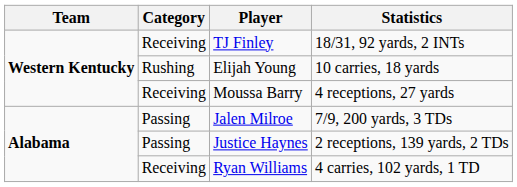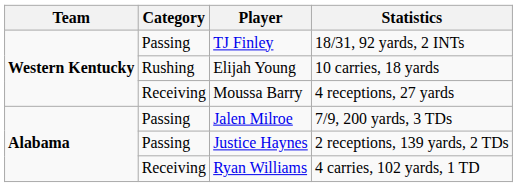 <table class="wikitable" style="float: right;">
 <tr>
 <th>Team</th>
 <th>Category</th>
 <th>Player</th>
 <th>Statistics</th>
 </tr>
 <tr>
 <td rowspan=3><strong>Western Kentucky</strong></td>
-<td>Receiving</td>
+<td>Passing</td>
 <td><a href='#'>TJ Finley</a></td>
 <td>18/31, 92 yards, 2 INTs</td>
 </tr>
 <tr>
 <td>Rushing</td>
 <td>Elijah Young</td>
 <td>10 carries, 18 yards</td>
 </tr>
 <tr>
 <td>Receiving</td>
 <td>Moussa Barry</td>
 <td>4 receptions, 27 yards</td>
 </tr>
 <tr>
 <td rowspan=3><strong>Alabama</strong></td>
 <td>Passing</td>
 <td><a href='#'>Jalen Milroe</a></td>
 <td>7/9, 200 yards, 3 TDs</td>
 </tr>
 <tr>
 <td>Passing</td>
 <td><a href='#'>Justice Haynes</a></td>
 <td>2 receptions, 139 yards, 2 TDs</td>
 </tr>
 <tr>
 <td>Receiving</td>
 <td><a href='#'>Ryan Williams</a></td>
 <td>4 carries, 102 yards, 1 TD</td>
 </tr>
 </table>
